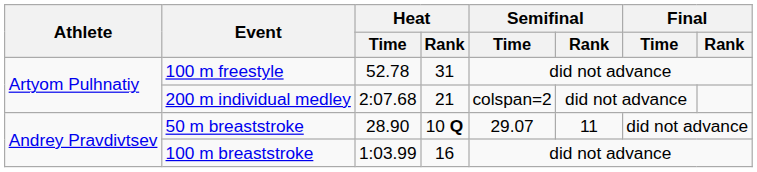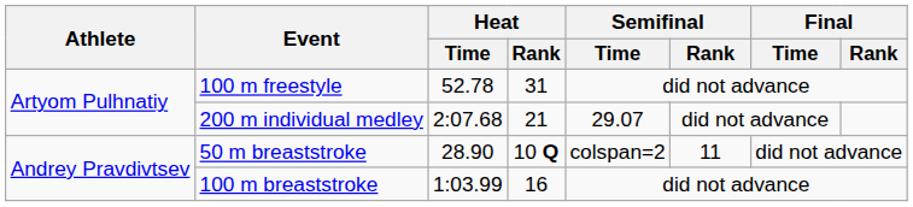 <table class=wikitable style="font-size:90%">
 <tr>
 <th rowspan=2>Athlete</th>
 <th rowspan=2>Event</th>
 <th colspan="2">Heat</th>
 <th colspan="2">Semifinal</th>
 <th colspan="2">Final</th>
 </tr>
 <tr style="font-size:95%">
 <th>Time</th>
 <th>Rank</th>
 <th>Time</th>
 <th>Rank</th>
 <th>Time</th>
 <th>Rank</th>
 </tr>
 <tr align=center>
 <td align=left rowspan=2><a href='#'>Artyom Pulhnatiy</a></td>
 <td align=left><a href='#'>100 m freestyle</a></td>
 <td>52.78</td>
 <td>31</td>
 <td colspan=4>did not advance</td>
 </tr>
 <tr align=center>
 <td align=left><a href='#'>200 m individual medley</a></td>
 <td>2:07.68</td>
 <td>21</td>
-<td>colspan=2 </td>
+<td>29.07</td>
 <td colspan=2>did not advance</td>
 </tr>
 <tr align=center>
 <td align=left rowspan=2><a href='#'>Andrey Pravdivtsev</a></td>
 <td align=left><a href='#'>50 m breaststroke</a></td>
 <td>28.90</td>
 <td>10 <strong>Q</strong></td>
-<td>29.07</td>
+<td>colspan=2 </td>
 <td>11</td>
 <td colspan=2>did not advance</td>
 </tr>
 <tr align=center>
 <td align=left><a href='#'>100 m breaststroke</a></td>
 <td>1:03.99</td>
 <td>16</td>
 <td colspan=4>did not advance</td>
 </tr>
 </table>
